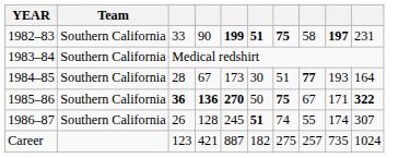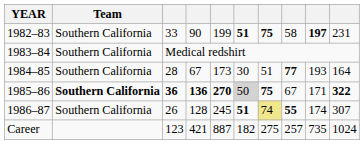 <table class="wikitable">
 <tr>
 <th>YEAR</th>
 <th>Team</th>
 <th scope="col"></th>
 <th scope="col"></th>
 <th scope="col"></th>
 <th scope="col"></th>
 <th scope="col"></th>
 <th scope="col"></th>
 <th scope="col"></th>
 <th scope="col"></th>
 </tr>
 <tr>
 <td>1982–83</td>
 <td>Southern California</td>
 <td>33</td>
 <td>90</td>
-<td><strong>199</strong></td>
+<td>199</td>
 <td><strong>51</strong></td>
 <td><strong>75</strong></td>
 <td>58</td>
 <td><strong>197</strong></td>
 <td>231</td>
 </tr>
 <tr>
 <td>1983–84</td>
 <td>Southern California</td>
 <td colspan="8">Medical redshirt</td>
 </tr>
 <tr>
 <td>1984–85</td>
 <td>Southern California</td>
 <td>28</td>
 <td>67</td>
 <td>173</td>
 <td>30</td>
 <td>51</td>
 <td><strong>77</strong></td>
 <td>193</td>
 <td>164</td>
 </tr>
 <tr>
 <td>1985–86</td>
-<td>Southern California</td>
+<td><strong>Southern California</strong></td>
 <td><strong>36</strong></td>
 <td><strong>136</strong></td>
 <td><strong>270</strong></td>
-<td>50</td>
+<td style="background: lightgrey;">50</td>
 <td><strong>75</strong></td>
 <td>67</td>
 <td>171</td>
 <td><strong>322</strong></td>
 </tr>
 <tr>
 <td>1986–87</td>
 <td>Southern California</td>
 <td>26</td>
 <td>128</td>
 <td>245</td>
 <td><strong>51</strong></td>
-<td>74</td>
-<td>55</td>
+<td style="background: khaki;">74</td>
+<td><strong>55</strong></td>
 <td>174</td>
 <td>307</td>
 </tr>
 <tr>
 <td>Career</td>
 <td></td>
 <td>123</td>
 <td>421</td>
 <td>887</td>
 <td>182</td>
 <td>275</td>
 <td>257</td>
 <td>735</td>
 <td>1024</td>
 </tr>
 </table>
